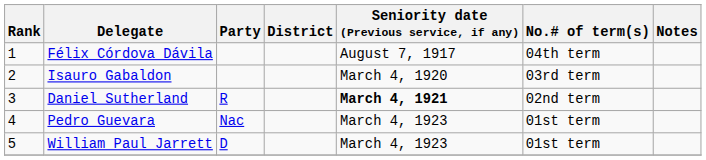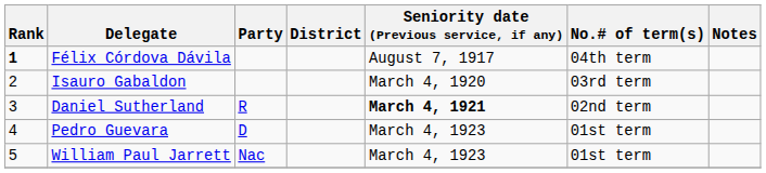 <table class="wikitable sortable">
 <tr valign=bottom>
 <th>Rank</th>
 <th>Delegate</th>
 <th>Party</th>
 <th>District</th>
 <th>Seniority date<br><small>(Previous service, if any)</small><br></th>
 <th>No.# of term(s)</th>
 <th>Notes</th>
 </tr>
 <tr>
-<td>1</td>
+<td><strong>1</strong></td>
 <td><a href='#'>Félix Córdova Dávila</a></td>
 <td></td>
 <td></td>
 <td>August 7, 1917</td>
 <td>04th term</td>
 <td></td>
 </tr>
 <tr>
 <td>2</td>
 <td><a href='#'>Isauro Gabaldon</a></td>
 <td></td>
 <td></td>
 <td>March 4, 1920</td>
 <td>03rd term</td>
 <td></td>
 </tr>
 <tr>
 <td>3</td>
 <td><a href='#'>Daniel Sutherland</a></td>
 <td><a href='#'>R</a></td>
 <td></td>
 <td><strong>March 4, 1921</strong></td>
 <td>02nd term</td>
 <td></td>
 </tr>
 <tr>
 <td>4</td>
 <td><a href='#'>Pedro Guevara</a></td>
-<td><a href='#'>Nac</a></td>
+<td><a href='#'>D</a></td>
 <td></td>
 <td>March 4, 1923</td>
 <td>01st term</td>
 <td></td>
 </tr>
 <tr>
 <td>5</td>
 <td><a href='#'>William Paul Jarrett</a></td>
-<td><a href='#'>D</a></td>
+<td><a href='#'>Nac</a></td>
 <td></td>
 <td>March 4, 1923</td>
 <td>01st term</td>
 <td></td>
 </tr>
 <tr>
 </tr>
 </table>
